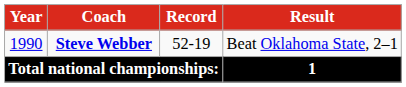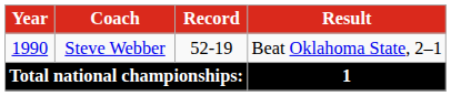 <table class="wikitable" style="text-align:center">
 <tr>
 <th style="background:#DA291C; color:white;">Year</th>
 <th style="background:#DA291C; color:white;">Coach</th>
 <th style="background:#DA291C; color:white;">Record</th>
 <th style="background:#DA291C; color:white;">Result</th>
 </tr>
 <tr>
 <td><a href='#'>1990</a></td>
-<td><strong><a href='#'>Steve Webber</a></strong></td>
+<td><a href='#'>Steve Webber</a></td>
 <td>52-19</td>
 <td>Beat <a href='#'>Oklahoma State</a>,  2–1</td>
 </tr>
 <tr style="background:#000; color:white; font-weight:bold;">
 <td colspan=3>Total national championships:</td>
 <td colspan=2>1</td>
 </tr>
 </table>
